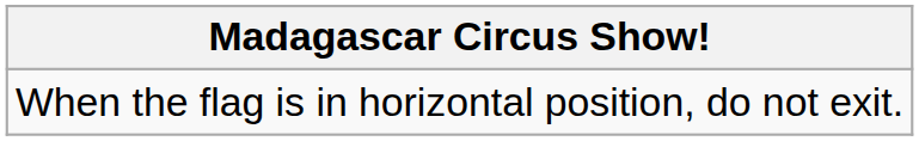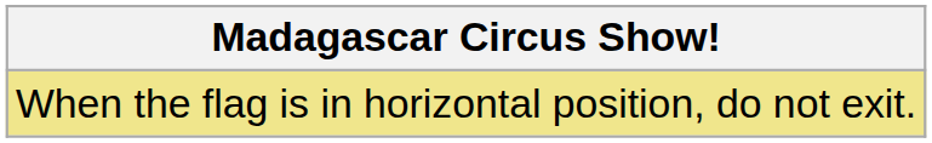 <table class="wikitable" style="margin:auto">
 <tr>
 <th>Madagascar Circus Show!</th>
 </tr>
 <tr>
-<td>When the flag is in horizontal position, do not exit.</td>
+<td style="background: khaki;">When the flag is in horizontal position, do not exit.</td>
 </tr>
 </table>
